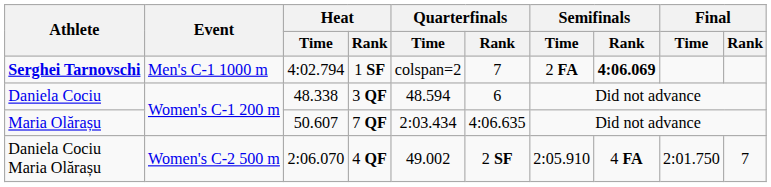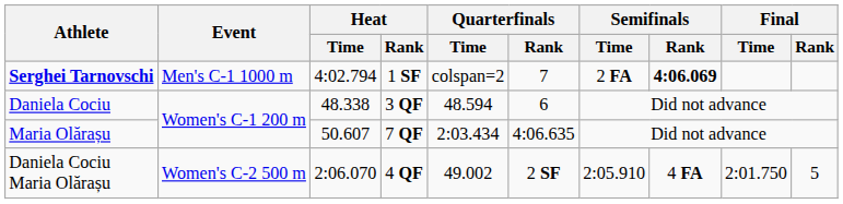 <table class=wikitable style="font-size:90%">
 <tr>
 <th rowspan="2">Athlete</th>
 <th rowspan="2">Event</th>
 <th colspan=2>Heat</th>
 <th colspan=2>Quarterfinals</th>
 <th colspan=2>Semifinals</th>
 <th colspan=2>Final</th>
 </tr>
 <tr style="font-size:95%">
 <th>Time</th>
 <th>Rank</th>
 <th>Time</th>
 <th>Rank</th>
 <th>Time</th>
 <th>Rank</th>
 <th>Time</th>
 <th>Rank</th>
 </tr>
 <tr align=center>
 <td align=left><strong><a href='#'>Serghei Tarnovschi</a></strong></td>
 <td align=left><a href='#'>Men's C-1 1000 m</a></td>
 <td>4:02.794</td>
 <td>1 <strong>SF</strong></td>
 <td>colspan=2 </td>
 <td>7</td>
 <td>2 <strong>FA</strong></td>
 <td><strong>4:06.069</strong></td>
 <td></td>
 </tr>
 <tr align=center>
 <td align=left><a href='#'>Daniela Cociu</a></td>
 <td align=left rowspan=2><a href='#'>Women's C-1 200 m</a></td>
 <td>48.338</td>
 <td>3 <strong>QF</strong></td>
 <td>48.594</td>
 <td>6</td>
 <td colspan=4>Did not advance</td>
 </tr>
 <tr align=center>
 <td align=left><a href='#'>Maria Olărașu</a></td>
 <td>50.607</td>
 <td>7 <strong>QF</strong></td>
 <td>2:03.434</td>
 <td>4:06.635</td>
 <td colspan=4>Did not advance</td>
 </tr>
 <tr align=center>
 <td align=left>Daniela Cociu<br>Maria Olărașu</td>
 <td align=left><a href='#'>Women's C-2 500 m</a></td>
 <td>2:06.070</td>
 <td>4 <strong>QF</strong></td>
 <td>49.002</td>
 <td>2 <strong>SF</strong></td>
 <td>2:05.910</td>
 <td>4 <strong>FA</strong></td>
 <td>2:01.750</td>
-<td>7</td>
+<td>5</td>
 </tr>
 </table>
